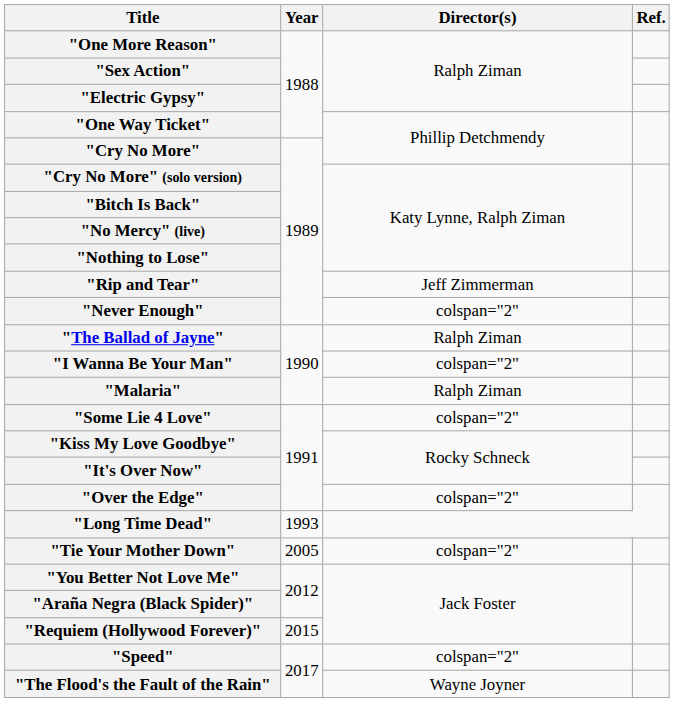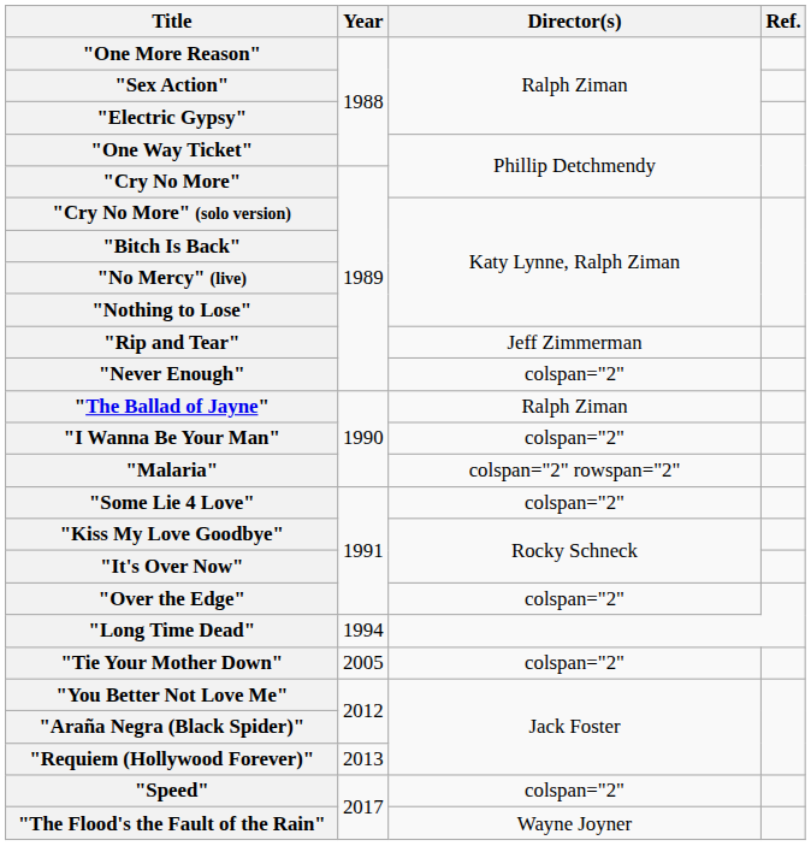 <table class="wikitable plainrowheaders" style="text-align:center;">
 <tr>
 <th scope="col" style="width:16em;">Title</th>
 <th scope="col">Year</th>
 <th scope="col" style="width:18em;">Director(s)</th>
 <th scope="col">Ref.</th>
 </tr>
 <tr>
 <th scope="row">"One More Reason"</th>
 <td rowspan="4">1988</td>
 <td rowspan="3">Ralph Ziman</td>
 <td></td>
 </tr>
 <tr>
 <th scope="row">"Sex Action"</th>
 <td></td>
 </tr>
 <tr>
 <th scope="row">"Electric Gypsy"</th>
 <td></td>
 </tr>
 <tr>
 <th scope="row">"One Way Ticket"</th>
 <td rowspan="2">Phillip Detchmendy</td>
 <td rowspan="2"></td>
 </tr>
 <tr>
 <th scope="row">"Cry No More"</th>
 <td rowspan="7">1989</td>
 </tr>
 <tr>
 <th scope="row">"Cry No More" <small>(solo version)</small></th>
 <td rowspan="4">Katy Lynne, Ralph Ziman</td>
 <td rowspan="4"></td>
 </tr>
 <tr>
 <th scope="row">"Bitch Is Back"</th>
 </tr>
 <tr>
 <th scope="row">"No Mercy" <small>(live)</small></th>
 </tr>
 <tr>
 <th scope="row">"Nothing to Lose"</th>
 </tr>
 <tr>
 <th scope="row">"Rip and Tear"</th>
 <td>Jeff Zimmerman</td>
 <td></td>
 </tr>
 <tr>
 <th scope="row">"Never Enough"</th>
 <td>colspan="2" </td>
 </tr>
 <tr>
 <th scope="row">"<a href='#'>The Ballad of Jayne</a>"</th>
 <td rowspan="3">1990</td>
 <td>Ralph Ziman</td>
 <td></td>
 </tr>
 <tr>
 <th scope="row">"I Wanna Be Your Man"</th>
 <td>colspan="2" </td>
 </tr>
 <tr>
 <th scope="row">"Malaria"</th>
-<td>Ralph Ziman</td>
+<td>colspan="2" rowspan="2" </td>
 <td></td>
 </tr>
 <tr>
 <th scope="row">"Some Lie 4 Love"</th>
 <td rowspan="4">1991</td>
 <td>colspan="2" </td>
 </tr>
 <tr>
 <th scope="row">"Kiss My Love Goodbye"</th>
 <td rowspan="2">Rocky Schneck</td>
 <td></td>
 </tr>
 <tr>
 <th scope="row">"It's Over Now"</th>
 <td></td>
 </tr>
 <tr>
 <th scope="row">"Over the Edge"</th>
 <td>colspan="2" </td>
 </tr>
 <tr>
 <th scope="row">"Long Time Dead"</th>
-<td>1993</td>
+<td>1994</td>
 </tr>
 <tr>
 <th scope="row">"Tie Your Mother Down"</th>
 <td>2005</td>
 <td>colspan="2" </td>
 <td></td>
 </tr>
 <tr>
 <th scope="row">"You Better Not Love Me"</th>
 <td rowspan="2">2012</td>
 <td rowspan="3">Jack Foster</td>
 <td rowspan="3"></td>
 </tr>
 <tr>
 <th scope="row">"Araña Negra (Black Spider)"</th>
 </tr>
 <tr>
 <th scope="row">"Requiem (Hollywood Forever)"</th>
-<td>2015</td>
+<td>2013</td>
 </tr>
 <tr>
 <th scope="row">"Speed"</th>
 <td rowspan="2">2017</td>
 <td>colspan="2" </td>
 <td></td>
 </tr>
 <tr>
 <th scope="row">"The Flood's the Fault of the Rain"</th>
 <td>Wayne Joyner</td>
 <td></td>
 </tr>
 </table>
